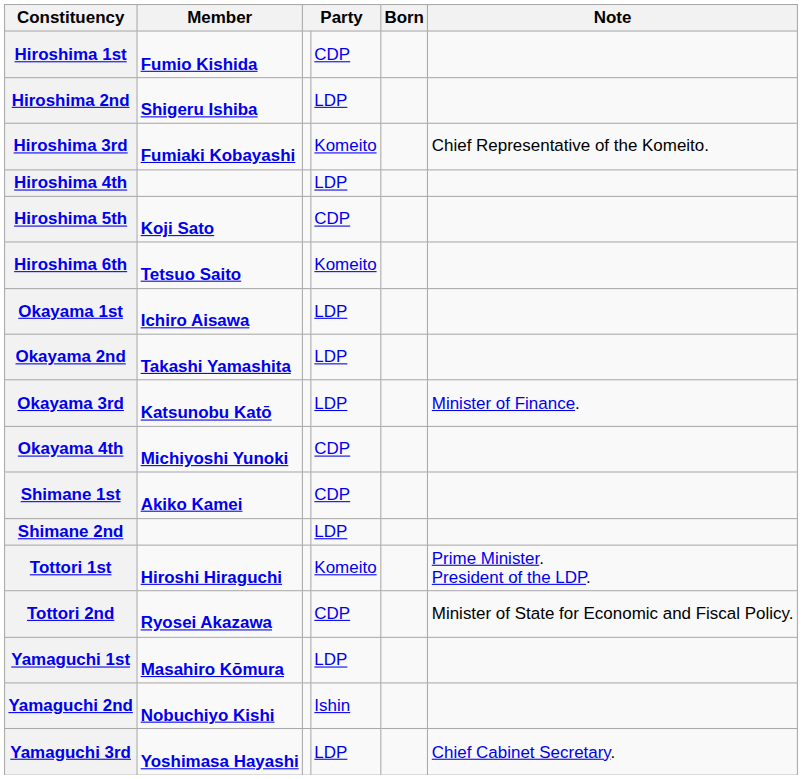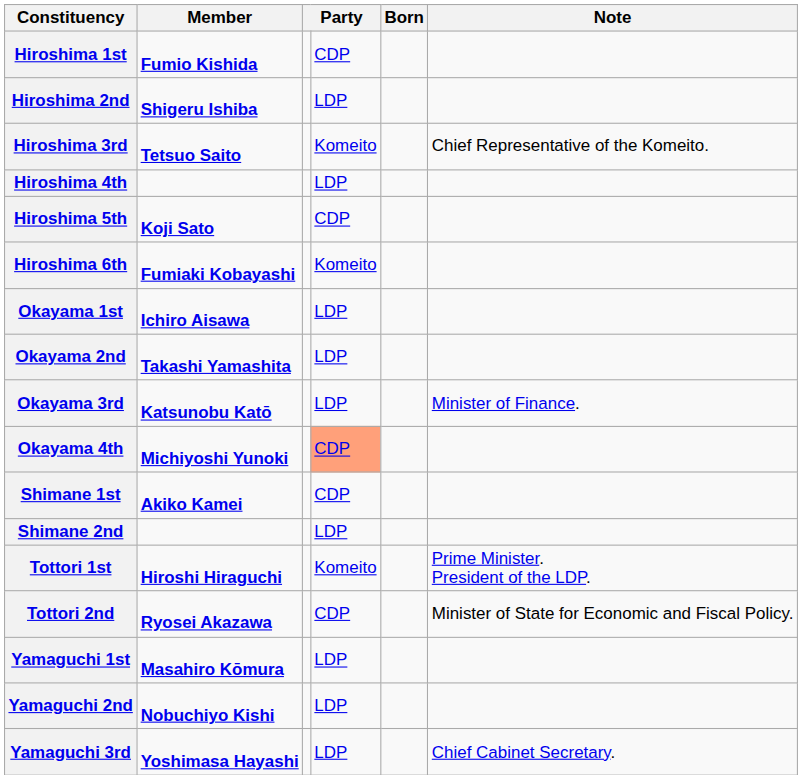 <table class="wikitable sortable plainrowheaders" id="votingmembers">
 <tr style="vertical-align:bottom">
 <th>Constituency</th>
 <th>Member</th>
 <th colspan=2>Party</th>
 <th>Born</th>
 <th>Note</th>
 </tr>
 <tr>
 <th><a href='#'>Hiroshima 1st</a></th>
 <td><br><strong><a href='#'>Fumio Kishida</a></strong></td>
 <td style="background-color:"></td>
 <td><a href='#'>CDP</a></td>
 <td></td>
 <td></td>
 </tr>
 <tr>
 <th><a href='#'>Hiroshima 2nd</a></th>
 <td><br><strong><a href='#'>Shigeru Ishiba</a></strong></td>
 <td style="background-color:"></td>
 <td><a href='#'>LDP</a></td>
 <td></td>
 <td></td>
 </tr>
 <tr>
 <th><a href='#'>Hiroshima 3rd</a></th>
-<td><br><strong><a href='#'>Fumiaki Kobayashi</a></strong></td>
+<td><br><strong><a href='#'>Tetsuo Saito</a></strong></td>
 <td style="background-color:"></td>
 <td><a href='#'>Komeito</a></td>
 <td></td>
 <td>Chief Representative of the Komeito.</td>
 </tr>
 <tr>
 <th><a href='#'>Hiroshima 4th</a></th>
 <td><strong></strong></td>
 <td style="background-color:"></td>
 <td><a href='#'>LDP</a></td>
 <td></td>
 <td></td>
 </tr>
 <tr>
 <th><a href='#'>Hiroshima 5th</a></th>
 <td><br><strong><a href='#'>Koji Sato</a></strong></td>
 <td style="background-color:"></td>
 <td><a href='#'>CDP</a></td>
 <td></td>
 <td></td>
 </tr>
 <tr>
 <th><a href='#'>Hiroshima 6th</a></th>
-<td><br><strong><a href='#'>Tetsuo Saito</a></strong></td>
+<td><br><strong><a href='#'>Fumiaki Kobayashi</a></strong></td>
 <td style="background-color:"></td>
 <td><a href='#'>Komeito</a></td>
 <td></td>
 <td></td>
 </tr>
 <tr>
 <th><a href='#'>Okayama 1st</a></th>
 <td><br><strong><a href='#'>Ichiro Aisawa</a></strong></td>
 <td style="background-color:"></td>
 <td><a href='#'>LDP</a></td>
 <td></td>
 <td></td>
 </tr>
 <tr>
 <th><a href='#'>Okayama 2nd</a></th>
 <td><br><strong><a href='#'>Takashi Yamashita</a></strong></td>
 <td style="background-color:"></td>
 <td><a href='#'>LDP</a></td>
 <td></td>
 <td></td>
 </tr>
 <tr>
 <th><a href='#'>Okayama 3rd</a></th>
 <td><br><strong><a href='#'>Katsunobu Katō</a></strong></td>
 <td style="background-color:"></td>
 <td><a href='#'>LDP</a></td>
 <td></td>
 <td><a href='#'>Minister of Finance</a>.</td>
 </tr>
 <tr>
 <th><a href='#'>Okayama 4th</a></th>
 <td><br><strong><a href='#'>Michiyoshi Yunoki</a></strong></td>
 <td style="background-color:"></td>
-<td><a href='#'>CDP</a></td>
+<td style="background: lightsalmon;"><a href='#'>CDP</a></td>
 <td></td>
 <td></td>
 </tr>
 <tr>
 <th><a href='#'>Shimane 1st</a></th>
 <td><br><strong><a href='#'>Akiko Kamei</a></strong></td>
 <td style="background-color:"></td>
 <td><a href='#'>CDP</a></td>
 <td></td>
 <td></td>
 </tr>
 <tr>
 <th><a href='#'>Shimane 2nd</a></th>
 <td><br><strong></strong></td>
 <td style="background-color:"></td>
 <td><a href='#'>LDP</a></td>
 <td></td>
 <td></td>
 </tr>
 <tr>
 <th><a href='#'>Tottori 1st</a></th>
 <td><br><strong><a href='#'>Hiroshi Hiraguchi</a></strong></td>
 <td style="background-color:"></td>
 <td><a href='#'>Komeito</a></td>
 <td></td>
 <td><a href='#'>Prime Minister</a>.<br><a href='#'>President of the LDP</a>.</td>
 </tr>
 <tr>
 <th><a href='#'>Tottori 2nd</a></th>
 <td><br><strong><a href='#'>Ryosei Akazawa</a></strong></td>
 <td style="background-color:"></td>
 <td><a href='#'>CDP</a></td>
 <td></td>
 <td>Minister of State for Economic and Fiscal Policy.</td>
 </tr>
 <tr>
 <th><a href='#'>Yamaguchi 1st</a></th>
 <td><br><strong><a href='#'>Masahiro Kōmura</a></strong></td>
 <td style="background-color:"></td>
 <td><a href='#'>LDP</a></td>
 <td></td>
 <td></td>
 </tr>
 <tr>
 <th><a href='#'>Yamaguchi 2nd</a></th>
 <td><br><strong><a href='#'>Nobuchiyo Kishi</a></strong></td>
 <td style="background-color:"></td>
-<td><a href='#'>Ishin</a></td>
+<td><a href='#'>LDP</a></td>
 <td></td>
 <td></td>
 </tr>
 <tr>
 <th><a href='#'>Yamaguchi 3rd</a></th>
 <td><br><strong><a href='#'>Yoshimasa Hayashi</a></strong></td>
 <td style="background-color:"></td>
 <td><a href='#'>LDP</a></td>
 <td></td>
 <td><a href='#'>Chief Cabinet Secretary</a>.</td>
 </tr>
 </table>
